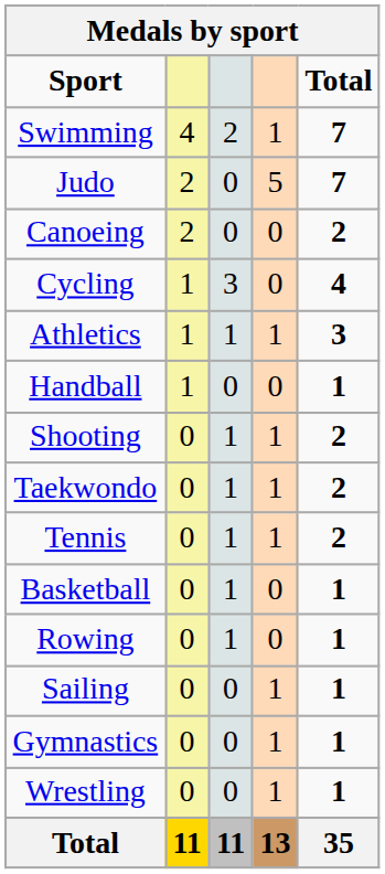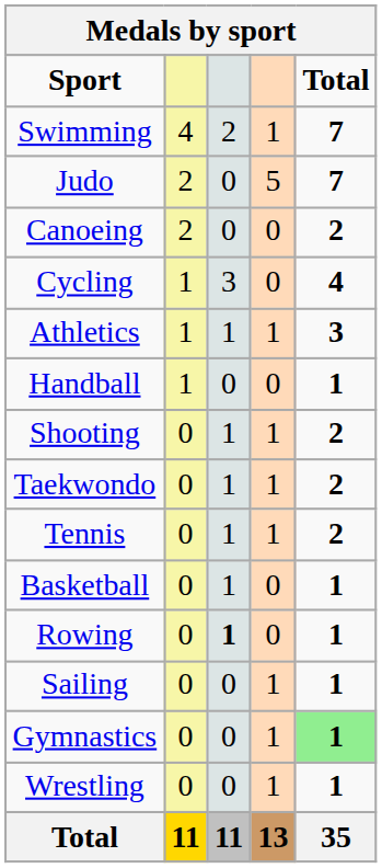 <table class="wikitable" style="font-size:85%">
 <tr style="background:#efefef;">
 <th colspan=5>Medals by sport</th>
 </tr>
 <tr align=center>
 <td><strong>Sport</strong></td>
 <td bgcolor=#f7f6a8></td>
 <td bgcolor=#dce5e5></td>
 <td bgcolor=#ffdab9></td>
 <td><strong>Total</strong></td>
 </tr>
 <tr align=center>
 <td><a href='#'>Swimming</a></td>
 <td style="background:#F7F6A8;">4</td>
 <td style="background:#DCE5E5;">2</td>
 <td style="background:#FFDAB9;">1</td>
 <td><strong>7</strong></td>
 </tr>
 <tr align=center>
 <td><a href='#'>Judo</a></td>
 <td style="background:#F7F6A8;">2</td>
 <td style="background:#DCE5E5;">0</td>
 <td style="background:#FFDAB9;">5</td>
 <td><strong>7</strong></td>
 </tr>
 <tr align=center>
 <td><a href='#'>Canoeing</a></td>
 <td style="background:#F7F6A8;">2</td>
 <td style="background:#DCE5E5;">0</td>
 <td style="background:#FFDAB9;">0</td>
 <td><strong>2</strong></td>
 </tr>
 <tr align=center>
 <td><a href='#'>Cycling</a></td>
 <td style="background:#F7F6A8;">1</td>
 <td style="background:#DCE5E5;">3</td>
 <td style="background:#FFDAB9;">0</td>
 <td><strong>4</strong></td>
 </tr>
 <tr align=center>
 <td><a href='#'>Athletics</a></td>
 <td style="background:#F7F6A8;">1</td>
 <td style="background:#DCE5E5;">1</td>
 <td style="background:#FFDAB9;">1</td>
 <td><strong>3</strong></td>
 </tr>
 <tr align=center>
 <td><a href='#'>Handball</a></td>
 <td style="background:#F7F6A8;">1</td>
 <td style="background:#DCE5E5;">0</td>
 <td style="background:#FFDAB9;">0</td>
 <td><strong>1</strong></td>
 </tr>
 <tr align=center>
 <td><a href='#'>Shooting</a></td>
 <td style="background:#F7F6A8;">0</td>
 <td style="background:#DCE5E5;">1</td>
 <td style="background:#FFDAB9;">1</td>
 <td><strong>2</strong></td>
 </tr>
 <tr align=center>
 <td><a href='#'>Taekwondo</a></td>
 <td style="background:#F7F6A8;">0</td>
 <td style="background:#DCE5E5;">1</td>
 <td style="background:#FFDAB9;">1</td>
 <td><strong>2</strong></td>
 </tr>
 <tr align=center>
 <td><a href='#'>Tennis</a></td>
 <td style="background:#F7F6A8;">0</td>
 <td style="background:#DCE5E5;">1</td>
 <td style="background:#FFDAB9;">1</td>
 <td><strong>2</strong></td>
 </tr>
 <tr align=center>
 <td><a href='#'>Basketball</a></td>
 <td style="background:#F7F6A8;">0</td>
 <td style="background:#DCE5E5;">1</td>
 <td style="background:#FFDAB9;">0</td>
 <td><strong>1</strong></td>
 </tr>
 <tr align=center>
 <td><a href='#'>Rowing</a></td>
 <td style="background:#F7F6A8;">0</td>
-<td style="background:#DCE5E5;">1</td>
+<td style="background:#DCE5E5;"><strong>1</strong></td>
 <td style="background:#FFDAB9;">0</td>
 <td><strong>1</strong></td>
 </tr>
 <tr align=center>
 <td><a href='#'>Sailing</a></td>
 <td style="background:#F7F6A8;">0</td>
 <td style="background:#DCE5E5;">0</td>
 <td style="background:#FFDAB9;">1</td>
 <td><strong>1</strong></td>
 </tr>
 <tr align=center>
 <td><a href='#'>Gymnastics</a></td>
 <td style="background:#F7F6A8;">0</td>
 <td style="background:#DCE5E5;">0</td>
 <td style="background:#FFDAB9;">1</td>
-<td><strong>1</strong></td>
+<td style="background: lightgreen;"><strong>1</strong></td>
 </tr>
 <tr align=center>
 <td><a href='#'>Wrestling</a></td>
 <td style="background:#F7F6A8;">0</td>
 <td style="background:#DCE5E5;">0</td>
 <td style="background:#FFDAB9;">1</td>
 <td><strong>1</strong></td>
 </tr>
 <tr align=center>
 <th>Total</th>
 <th style="background:gold;">11</th>
 <th style="background:silver;">11</th>
 <th style="background:#c96;">13</th>
 <th>35</th>
 </tr>
 </table>
